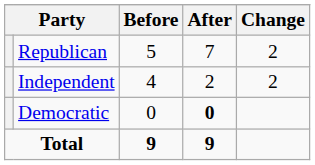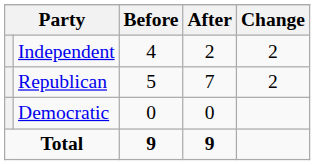 <table class="wikitable" style="text-align:center;">
 <tr>
 </tr>
 <tr>
 <th colspan=2>Party</th>
 <th>Before</th>
 <th>After</th>
 <th>Change</th>
 </tr>
 <tr>
 <th style="background-color:"></th>
+<td style="text-align:left;"><a href='#'>Independent</a></td>
+<td>4</td>
+<td>2</td>
+<td> 2</td>
+</tr>
+<tr>
+<th style="background-color:"></th>
 <td style="text-align:left;"><a href='#'>Republican</a></td>
 <td>5</td>
 <td>7</td>
 <td> 2</td>
 </tr>
 <tr>
 <th style="background-color:"></th>
-<td style="text-align:left;"><a href='#'>Independent</a></td>
-<td>4</td>
-<td>2</td>
-<td> 2</td>
-</tr>
-<tr>
-<th style="background-color:"></th>
 <td style="text-align:left;"><a href='#'>Democratic</a></td>
 <td>0</td>
-<td><strong>0</strong></td>
+<td>0</td>
 <td></td>
 </tr>
 <tr>
 <td colspan=2><strong>Total</strong></td>
 <td><strong>9</strong></td>
 <td><strong>9</strong></td>
 <td></td>
 </tr>
 </table>
